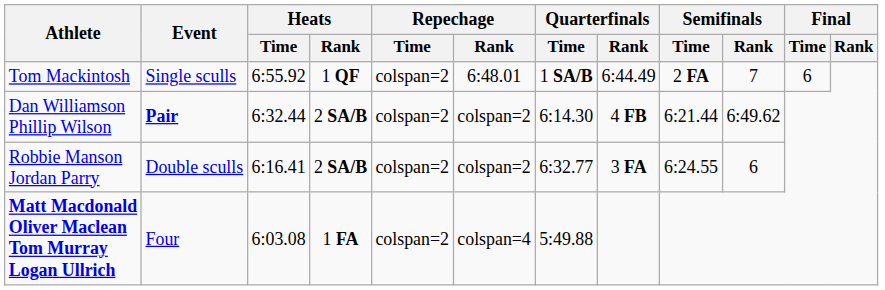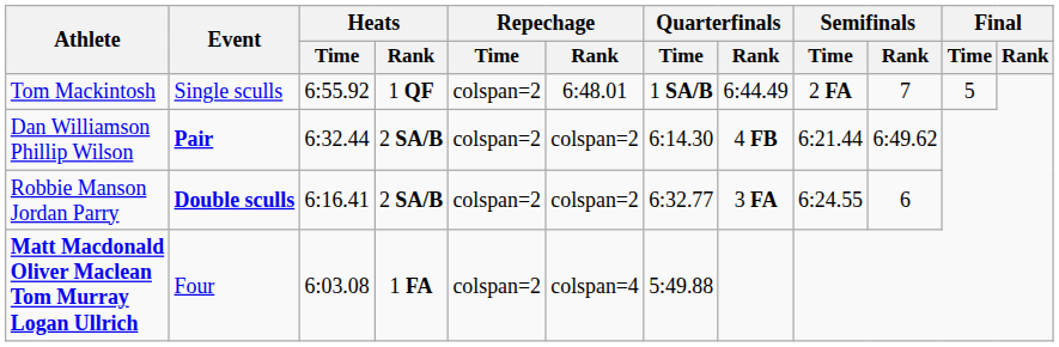 <table class=wikitable style=font-size:90%;text-align:center>
 <tr>
 <th rowspan=2>Athlete</th>
 <th rowspan=2>Event</th>
 <th colspan=2>Heats</th>
 <th colspan=2>Repechage</th>
 <th colspan=2>Quarterfinals</th>
 <th colspan=2>Semifinals</th>
 <th colspan=2>Final</th>
 </tr>
 <tr style=font-size:95%>
 <th>Time</th>
 <th>Rank</th>
 <th>Time</th>
 <th>Rank</th>
 <th>Time</th>
 <th>Rank</th>
 <th>Time</th>
 <th>Rank</th>
 <th>Time</th>
 <th>Rank</th>
 </tr>
 <tr>
 <td align=left><a href='#'>Tom Mackintosh</a></td>
 <td align=left><a href='#'>Single sculls</a></td>
 <td>6:55.92</td>
 <td>1 <strong>QF</strong></td>
 <td>colspan=2 </td>
 <td>6:48.01</td>
 <td>1 <strong>SA/B</strong></td>
 <td>6:44.49</td>
 <td>2 <strong>FA</strong></td>
 <td>7</td>
-<td>6</td>
+<td>5</td>
 </tr>
 <tr>
 <td align=left><a href='#'>Dan Williamson</a><br><a href='#'>Phillip Wilson</a></td>
 <td align=left><strong><a href='#'>Pair</a></strong></td>
 <td>6:32.44</td>
 <td>2 <strong>SA/B</strong></td>
 <td>colspan=2 </td>
 <td>colspan=2 </td>
 <td>6:14.30</td>
 <td>4 <strong>FB</strong></td>
 <td>6:21.44</td>
 <td>6:49.62</td>
 </tr>
 <tr>
 <td align=left><a href='#'>Robbie Manson</a><br><a href='#'>Jordan Parry</a></td>
-<td align=left><a href='#'>Double sculls</a></td>
+<td align=left><strong><a href='#'>Double sculls</a></strong></td>
 <td>6:16.41</td>
 <td>2 <strong>SA/B</strong></td>
 <td>colspan=2 </td>
 <td>colspan=2 </td>
 <td>6:32.77</td>
 <td>3 <strong>FA</strong></td>
 <td>6:24.55</td>
 <td>6</td>
 </tr>
 <tr>
 <td align=left><strong><a href='#'>Matt Macdonald</a><br><a href='#'>Oliver Maclean</a><br><a href='#'>Tom Murray</a><br><a href='#'>Logan Ullrich</a></strong></td>
 <td align=left><a href='#'>Four</a></td>
 <td>6:03.08</td>
 <td>1 <strong>FA</strong></td>
 <td>colspan=2 </td>
 <td>colspan=4 </td>
 <td>5:49.88</td>
 <td></td>
 </tr>
 </table>
